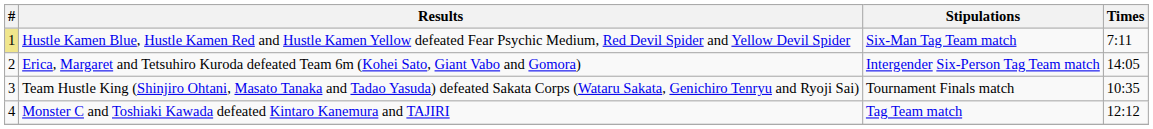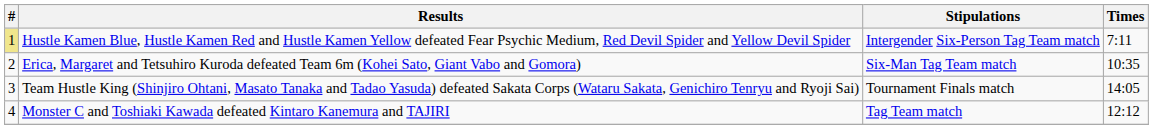 <table style="font-size: 85%" class="wikitable sortable">
 <tr>
 <th><strong>#</strong></th>
 <th><strong>Results</strong></th>
 <th><strong>Stipulations</strong></th>
 <th><strong>Times</strong></th>
 </tr>
 <tr>
 <td style="background: khaki;">1</td>
 <td><a href='#'>Hustle Kamen Blue</a>, <a href='#'>Hustle Kamen Red</a> and <a href='#'>Hustle Kamen Yellow</a> defeated Fear Psychic Medium, <a href='#'>Red Devil Spider</a> and <a href='#'>Yellow Devil Spider</a></td>
-<td><a href='#'>Six-Man Tag Team match</a></td>
+<td><a href='#'>Intergender</a> <a href='#'>Six-Person Tag Team match</a></td>
 <td>7:11</td>
 </tr>
 <tr>
 <td>2</td>
 <td><a href='#'>Erica</a>, <a href='#'>Margaret</a> and Tetsuhiro Kuroda defeated Team 6m (<a href='#'>Kohei Sato</a>, <a href='#'>Giant Vabo</a> and <a href='#'>Gomora</a>)</td>
-<td><a href='#'>Intergender</a> <a href='#'>Six-Person Tag Team match</a></td>
-<td>14:05</td>
+<td><a href='#'>Six-Man Tag Team match</a></td>
+<td>10:35</td>
 </tr>
 <tr>
 <td>3</td>
 <td>Team Hustle King (<a href='#'>Shinjiro Ohtani</a>, <a href='#'>Masato Tanaka</a> and <a href='#'>Tadao Yasuda</a>) defeated Sakata Corps (<a href='#'>Wataru Sakata</a>, <a href='#'>Genichiro Tenryu</a> and Ryoji Sai)</td>
 <td>Tournament Finals match</td>
-<td>10:35</td>
+<td>14:05</td>
 </tr>
 <tr>
 <td>4</td>
 <td><a href='#'>Monster C</a> and <a href='#'>Toshiaki Kawada</a> defeated <a href='#'>Kintaro Kanemura</a> and <a href='#'>TAJIRI</a></td>
 <td><a href='#'>Tag Team match</a></td>
 <td>12:12</td>
 </tr>
 <tr>
 </tr>
 </table>
